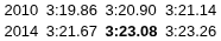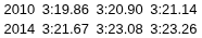 <table>
 <tr>
 <td>2010<br></td>
 <td></td>
 <td>3:19.86</td>
 <td></td>
 <td>3:20.90</td>
 <td></td>
 <td>3:21.14</td>
 </tr>
 <tr>
 <td>2014<br></td>
 <td></td>
 <td>3:21.67</td>
 <td></td>
-<td><strong>3:23.08</strong></td>
+<td>3:23.08</td>
 <td></td>
 <td>3:23.26</td>
 </tr>
 </table>
